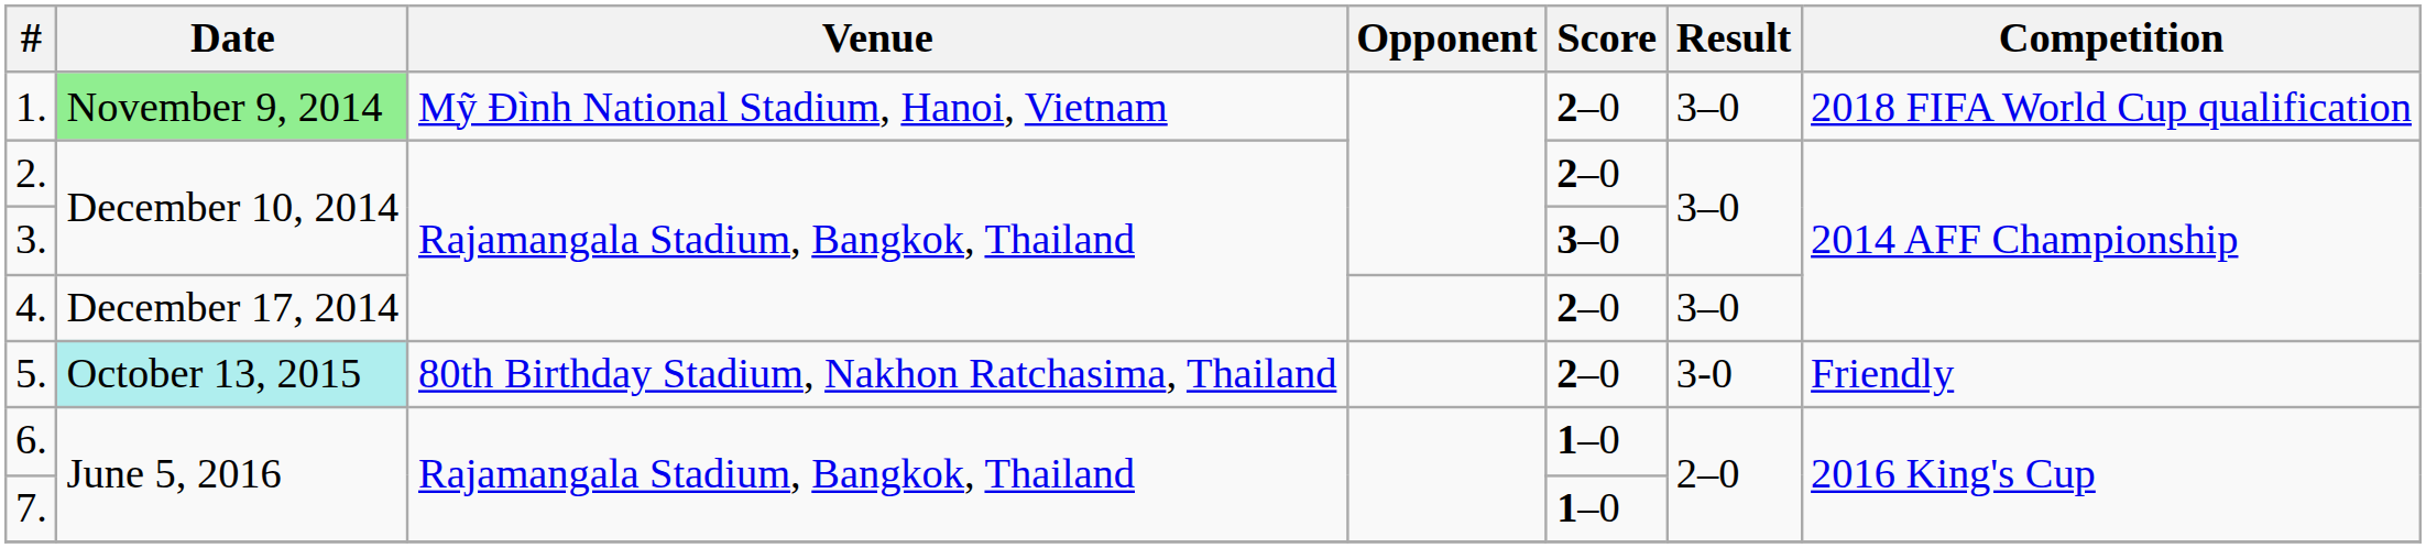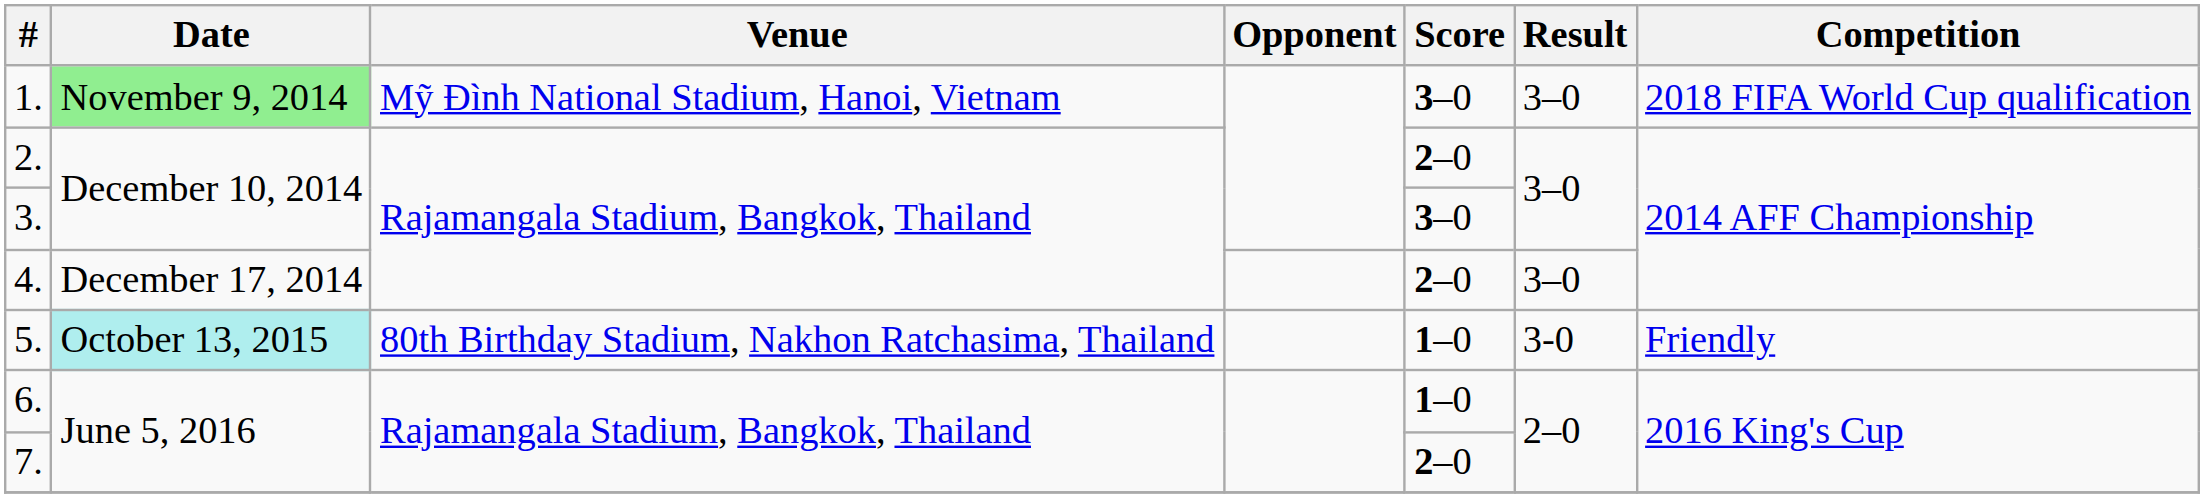 <table class="wikitable">
 <tr>
 <th>#</th>
 <th>Date</th>
 <th>Venue</th>
 <th>Opponent</th>
 <th>Score</th>
 <th>Result</th>
 <th>Competition</th>
 </tr>
 <tr>
 <td>1.</td>
 <td style="background: lightgreen;">November 9, 2014</td>
 <td><a href='#'>Mỹ Đình National Stadium</a>, <a href='#'>Hanoi</a>, <a href='#'>Vietnam</a></td>
 <td rowspan="3"></td>
-<td><strong>2</strong>–0</td>
+<td><strong>3</strong>–0</td>
 <td>3–0</td>
 <td><a href='#'>2018 FIFA World Cup qualification</a></td>
 </tr>
 <tr>
 <td>2.</td>
 <td rowspan="2">December 10, 2014</td>
 <td rowspan="3"><a href='#'>Rajamangala Stadium</a>, <a href='#'>Bangkok</a>, <a href='#'>Thailand</a></td>
 <td><strong>2</strong>–0</td>
 <td rowspan="2">3–0</td>
 <td rowspan="3"><a href='#'>2014 AFF Championship</a></td>
 </tr>
 <tr>
 <td>3.</td>
 <td><strong>3</strong>–0</td>
 </tr>
 <tr>
 <td>4.</td>
 <td>December 17, 2014</td>
 <td></td>
 <td><strong>2</strong>–0</td>
 <td>3–0</td>
 </tr>
 <tr>
 <td>5.</td>
 <td style="background: paleturquoise;">October 13, 2015</td>
 <td><a href='#'>80th Birthday Stadium</a>, <a href='#'>Nakhon Ratchasima</a>, <a href='#'>Thailand</a></td>
 <td></td>
-<td><strong>2</strong>–0</td>
+<td><strong>1</strong>–0</td>
 <td>3-0</td>
 <td><a href='#'>Friendly</a></td>
 </tr>
 <tr>
 <td>6.</td>
 <td rowspan="2">June 5, 2016</td>
 <td rowspan="2"><a href='#'>Rajamangala Stadium</a>, <a href='#'>Bangkok</a>, <a href='#'>Thailand</a></td>
 <td rowspan="2"></td>
 <td><strong>1</strong>–0</td>
 <td rowspan="2">2–0</td>
 <td rowspan="2"><a href='#'>2016 King's Cup</a></td>
 </tr>
 <tr>
 <td>7.</td>
-<td><strong>1</strong>–0</td>
+<td><strong>2</strong>–0</td>
 </tr>
 <tr>
 </tr>
 </table>
